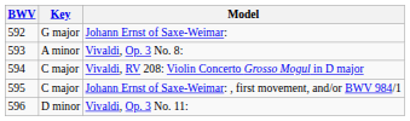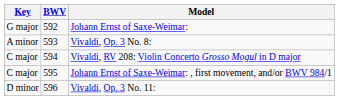 <table class="wikitable sortable">
 <tr>
+<th scope="col"><a href='#'>Key</a></th>
 <th scope="col"><a href='#'>BWV</a></th>
-<th scope="col"><a href='#'>Key</a></th>
 <th scope="col">Model</th>
 </tr>
 <tr>
+<td>G major</td>
 <td>592</td>
-<td>G major</td>
 <td><a href='#'>Johann Ernst of Saxe-Weimar</a>: </td>
 </tr>
 <tr>
+<td>A minor</td>
 <td>593</td>
-<td>A minor</td>
 <td data-sort-value="Vivaldi, Op."><a href='#'>Vivaldi</a>, <a href='#'>Op. 3</a> No. 8: </td>
 </tr>
 <tr>
+<td>C major</td>
 <td>594</td>
-<td>C major</td>
 <td><a href='#'>Vivaldi</a>, <a href='#'>RV</a> 208: <a href='#'>Violin Concerto <em>Grosso Mogul</em> in D major</a></td>
 </tr>
 <tr>
+<td>C major</td>
 <td>595</td>
-<td>C major</td>
 <td><a href='#'>Johann Ernst of Saxe-Weimar</a>: , first movement, and/or <a href='#'>BWV&nbsp;984</a>/1</td>
 </tr>
 <tr>
+<td>D minor</td>
 <td>596</td>
-<td>D minor</td>
 <td><a href='#'>Vivaldi</a>, <a href='#'>Op. 3</a> No. 11: </td>
 </tr>
 </table>
